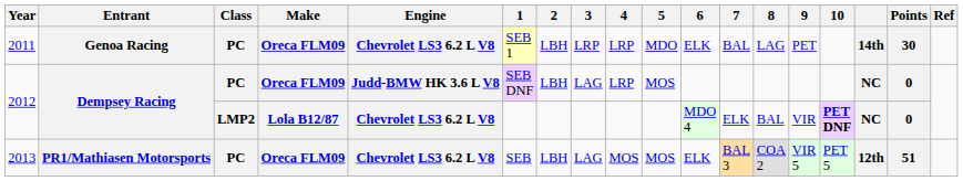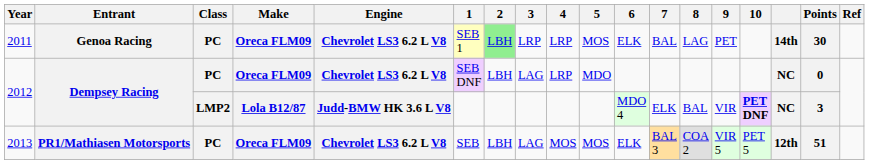 <table class="wikitable">
 <tr>
 <th>Year</th>
 <th>Entrant</th>
 <th>Class</th>
 <th>Make</th>
 <th>Engine</th>
 <th>1</th>
 <th>2</th>
 <th>3</th>
 <th>4</th>
 <th>5</th>
 <th>6</th>
 <th>7</th>
 <th>8</th>
 <th>9</th>
 <th>10</th>
 <th></th>
 <th>Points</th>
 <th>Ref</th>
 </tr>
 <tr>
 <td><a href='#'>2011</a></td>
 <th>Genoa Racing</th>
 <th>PC</th>
 <th><a href='#'>Oreca FLM09</a></th>
 <th><a href='#'>Chevrolet</a> <a href='#'>LS3</a> 6.2 L <a href='#'>V8</a></th>
 <td style="background:#FFFFBF;”"><a href='#'>SEB</a><br>1</td>
-<td><a href='#'>LBH</a></td>
+<td style="background: lightgreen;"><a href='#'>LBH</a></td>
 <td><a href='#'>LRP</a></td>
 <td><a href='#'>LRP</a></td>
-<td><a href='#'>MDO</a></td>
+<td><a href='#'>MOS</a></td>
 <td><a href='#'>ELK</a></td>
 <td><a href='#'>BAL</a></td>
 <td><a href='#'>LAG</a></td>
 <td><a href='#'>PET</a></td>
 <td></td>
 <th>14th</th>
 <th>30</th>
 <td></td>
 </tr>
 <tr>
 <td rowspan="2"><a href='#'>2012</a></td>
 <th rowspan="2"><a href='#'>Dempsey Racing</a></th>
 <th>PC</th>
 <th><a href='#'>Oreca FLM09</a></th>
-<th><a href='#'>Judd</a>-<a href='#'>BMW</a> HK 3.6 L <a href='#'>V8</a></th>
+<th><a href='#'>Chevrolet</a> <a href='#'>LS3</a> 6.2 L <a href='#'>V8</a></th>
 <td style="background:#EFCFFF;"><a href='#'>SEB</a><br>DNF</td>
 <td><a href='#'>LBH</a></td>
 <td><a href='#'>LAG</a></td>
 <td><a href='#'>LRP</a></td>
-<td><a href='#'>MOS</a></td>
+<td><a href='#'>MDO</a></td>
 <td></td>
 <td></td>
 <td></td>
 <td></td>
 <td></td>
 <th>NC</th>
 <th>0</th>
 <td rowspan="2"></td>
 </tr>
 <tr>
 <th>LMP2</th>
 <th><a href='#'>Lola B12/87</a></th>
-<th><a href='#'>Chevrolet</a> <a href='#'>LS3</a> 6.2 L <a href='#'>V8</a></th>
+<th><a href='#'>Judd</a>-<a href='#'>BMW</a> HK 3.6 L <a href='#'>V8</a></th>
 <td></td>
 <td></td>
 <td></td>
 <td></td>
 <td></td>
 <td style="background:#DFFFDF;"><a href='#'>MDO</a><br>4</td>
 <td><a href='#'>ELK</a></td>
 <td><a href='#'>BAL</a></td>
 <td><a href='#'>VIR</a></td>
 <td style="background:#EFCFFF;"><strong><a href='#'>PET</a><br>DNF</strong></td>
 <th>NC</th>
-<th>0</th>
+<th>3</th>
 </tr>
 <tr>
 <td><a href='#'>2013</a></td>
 <th><a href='#'>PR1/Mathiasen Motorsports</a></th>
 <th>PC</th>
 <th><a href='#'>Oreca FLM09</a></th>
 <th><a href='#'>Chevrolet</a> <a href='#'>LS3</a> 6.2 L <a href='#'>V8</a></th>
 <td><a href='#'>SEB</a></td>
 <td><a href='#'>LBH</a></td>
 <td><a href='#'>LAG</a></td>
 <td><a href='#'>MOS</a></td>
 <td><a href='#'>MOS</a></td>
 <td><a href='#'>ELK</a></td>
 <td style="background:#FFDF9F;”"><a href='#'>BAL</a><br>3</td>
 <td style="background:#DFDFDF;”"><a href='#'>COA</a><br>2</td>
 <td style="background:#DFFFDF;"><a href='#'>VIR</a><br>5</td>
 <td style="background:#DFFFDF;"><a href='#'>PET</a><br>5</td>
 <th>12th</th>
 <th>51</th>
 <td></td>
 </tr>
 </table>
